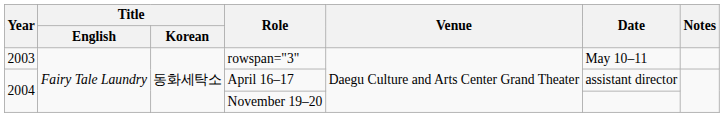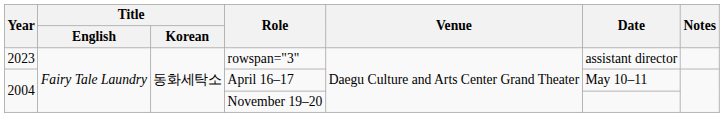 <table class="wikitable sortable">
 <tr>
 <th rowspan="2">Year</th>
 <th colspan="2">Title</th>
 <th rowspan="2">Role</th>
 <th rowspan="2">Venue</th>
 <th rowspan="2">Date</th>
 <th rowspan="2">Notes</th>
 </tr>
 <tr>
 <th>English</th>
 <th>Korean</th>
 </tr>
 <tr>
-<td>2003</td>
+<td>2023</td>
 <td rowspan="3"><em>Fairy Tale Laundry</em></td>
 <td rowspan="3">동화세탁소</td>
 <td>rowspan="3" </td>
 <td rowspan="3">Daegu Culture and Arts Center Grand Theater</td>
-<td>May 10–11</td>
+<td>assistant director</td>
 <td></td>
 </tr>
 <tr>
 <td rowspan="2">2004</td>
 <td>April 16–17</td>
-<td>assistant director</td>
+<td>May 10–11</td>
 </tr>
 <tr>
 <td>November 19–20</td>
 <td></td>
 </tr>
 </table>
